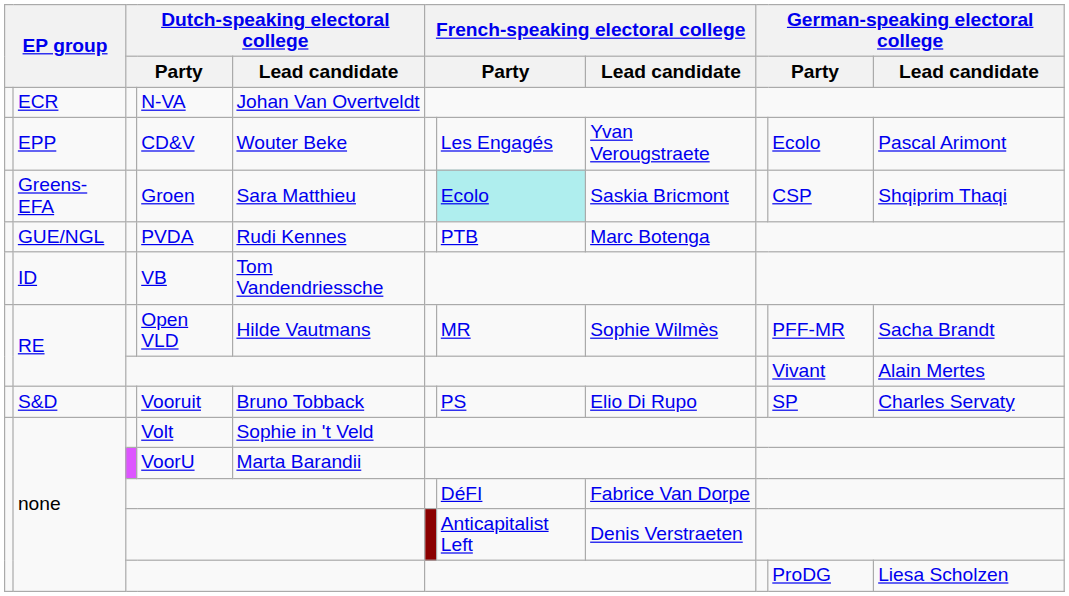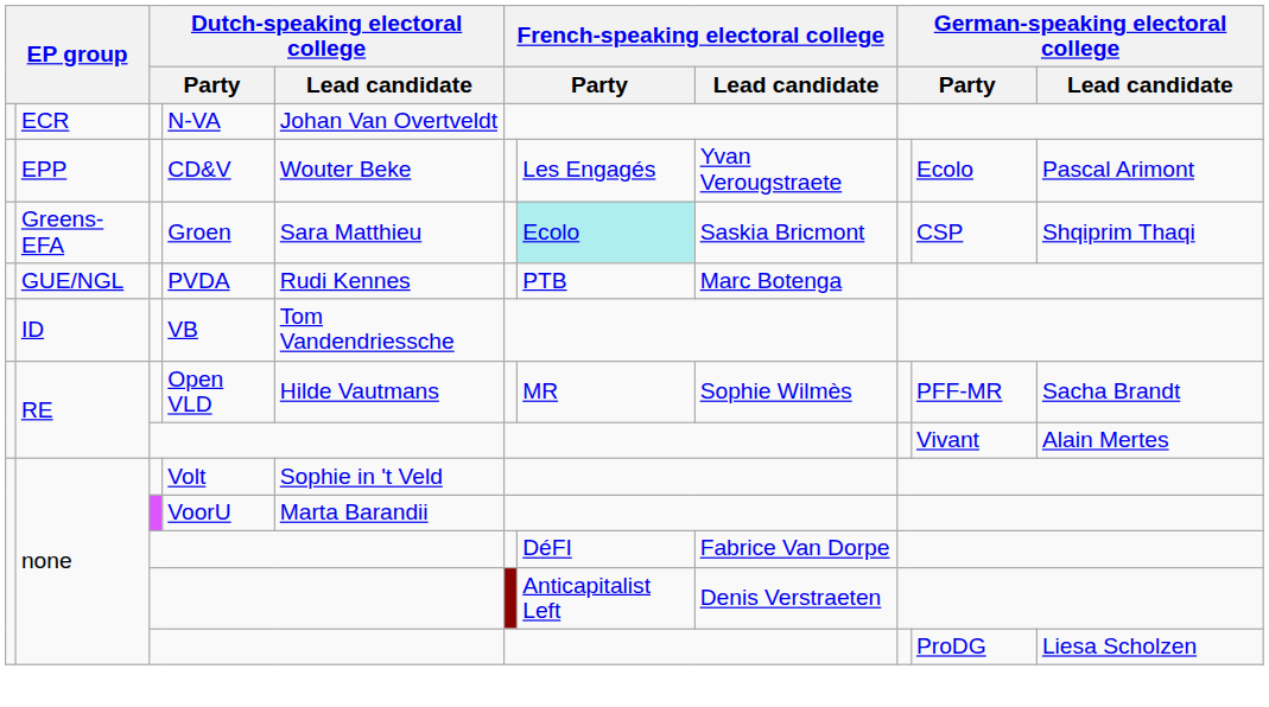 <table class="wikitable" style="width:100%;">
 <tr>
 <th colspan="2" rowspan="2"><a href='#'>EP group</a></th>
 <th colspan="3"><a href='#'>Dutch-speaking electoral college</a></th>
 <th colspan="3"><a href='#'>French-speaking electoral college</a></th>
 <th colspan="3"><a href='#'>German-speaking electoral college</a></th>
 </tr>
 <tr>
 <th colspan="2">Party</th>
 <th>Lead candidate</th>
 <th colspan="2">Party</th>
 <th>Lead candidate</th>
 <th colspan="2">Party</th>
 <th>Lead candidate</th>
 </tr>
 <tr>
 <td style="background-color: "></td>
 <td><a href='#'>ECR</a></td>
 <td style="background-color: "></td>
 <td><a href='#'>N-VA</a></td>
 <td><a href='#'>Johan Van Overtveldt</a></td>
 <td colspan="3"></td>
 <td colspan="3"></td>
 </tr>
 <tr>
 <td style="background-color: "></td>
 <td><a href='#'>EPP</a></td>
 <td style="background-color: "></td>
 <td><a href='#'>CD&V</a></td>
 <td><a href='#'>Wouter Beke</a></td>
 <td style="background-color: "></td>
 <td><a href='#'>Les Engagés</a></td>
 <td><a href='#'>Yvan Verougstraete</a></td>
 <td style="background-color: "></td>
 <td><a href='#'>Ecolo</a></td>
 <td><a href='#'>Pascal Arimont</a></td>
 </tr>
 <tr>
 <td rowspan=1 style="background-color: "></td>
 <td rowspan=1><a href='#'>Greens-EFA</a></td>
 <td style="background-color: "></td>
 <td><a href='#'>Groen</a></td>
 <td><a href='#'>Sara Matthieu</a></td>
 <td style="background-color: "></td>
 <td style="background: paleturquoise;"><a href='#'>Ecolo</a></td>
 <td><a href='#'>Saskia Bricmont</a></td>
 <td style="background-color: "></td>
 <td><a href='#'>CSP</a></td>
 <td><a href='#'>Shqiprim Thaqi</a></td>
 </tr>
 <tr>
 <td style="background-color: "></td>
 <td><a href='#'>GUE/NGL</a></td>
 <td style="background-color: "></td>
 <td><a href='#'>PVDA</a></td>
 <td><a href='#'>Rudi Kennes</a></td>
 <td style="background-color: "></td>
 <td><a href='#'>PTB</a></td>
 <td><a href='#'>Marc Botenga</a></td>
 <td colspan="3"></td>
 </tr>
 <tr>
 <td style="background-color: "></td>
 <td><a href='#'>ID</a></td>
 <td style="background-color: "></td>
 <td><a href='#'>VB</a></td>
 <td><a href='#'>Tom Vandendriessche</a></td>
 <td colspan="3"></td>
 <td colspan="3"></td>
 </tr>
 <tr>
 <td rowspan=2 style="background-color: "></td>
 <td rowspan=2><a href='#'>RE</a></td>
 <td style="background-color: "></td>
 <td><a href='#'>Open VLD</a></td>
 <td><a href='#'>Hilde Vautmans</a></td>
 <td style="background-color: "></td>
 <td><a href='#'>MR</a></td>
 <td><a href='#'>Sophie Wilmès</a></td>
 <td style="background-color: "></td>
 <td><a href='#'>PFF-MR</a></td>
 <td><a href='#'>Sacha Brandt</a></td>
 </tr>
 <tr>
 <td colspan="3"></td>
 <td colspan="3"></td>
 <td style="background-color: "></td>
 <td><a href='#'>Vivant</a></td>
 <td><a href='#'>Alain Mertes</a></td>
 </tr>
 <tr>
-<td style="background-color: "></td>
-<td><a href='#'>S&D</a></td>
-<td style="background-color: "></td>
-<td><a href='#'>Vooruit</a></td>
-<td><a href='#'>Bruno Tobback</a></td>
-<td style="background-color: "></td>
-<td><a href='#'>PS</a></td>
-<td><a href='#'>Elio Di Rupo</a></td>
-<td style="background-color: "></td>
-<td><a href='#'>SP</a></td>
-<td><a href='#'>Charles Servaty</a></td>
-</tr>
-<tr>
 <td style="text-align:left;" rowspan=5></td>
 <td style="text-align:left;" rowspan=5>none</td>
 <td style="background-color: "></td>
 <td><a href='#'>Volt</a></td>
 <td><a href='#'>Sophie in 't Veld</a></td>
 <td colspan="3"></td>
 <td colspan="3"></td>
 </tr>
 <tr>
 <td style="background-color:#dd55ffff" width=2px></td>
 <td><a href='#'>VoorU</a></td>
 <td><a href='#'>Marta Barandii</a></td>
 <td colspan="3"></td>
 <td colspan="3"></td>
 </tr>
 <tr>
 <td colspan="3"></td>
 <td style="background-color: "></td>
 <td><a href='#'>DéFI</a></td>
 <td><a href='#'>Fabrice Van Dorpe</a></td>
 <td colspan="3"></td>
 </tr>
 <tr>
 <td colspan="3"></td>
 <td style="background-color:#8B0000" width=2px></td>
 <td><a href='#'>Anticapitalist Left</a></td>
 <td><a href='#'>Denis Verstraeten</a></td>
 <td colspan="3"></td>
 </tr>
 <tr>
 <td colspan="3"></td>
 <td colspan="3"></td>
 <td style="background-color: "></td>
 <td><a href='#'>ProDG</a></td>
 <td><a href='#'>Liesa Scholzen</a></td>
 </tr>
 </table>
